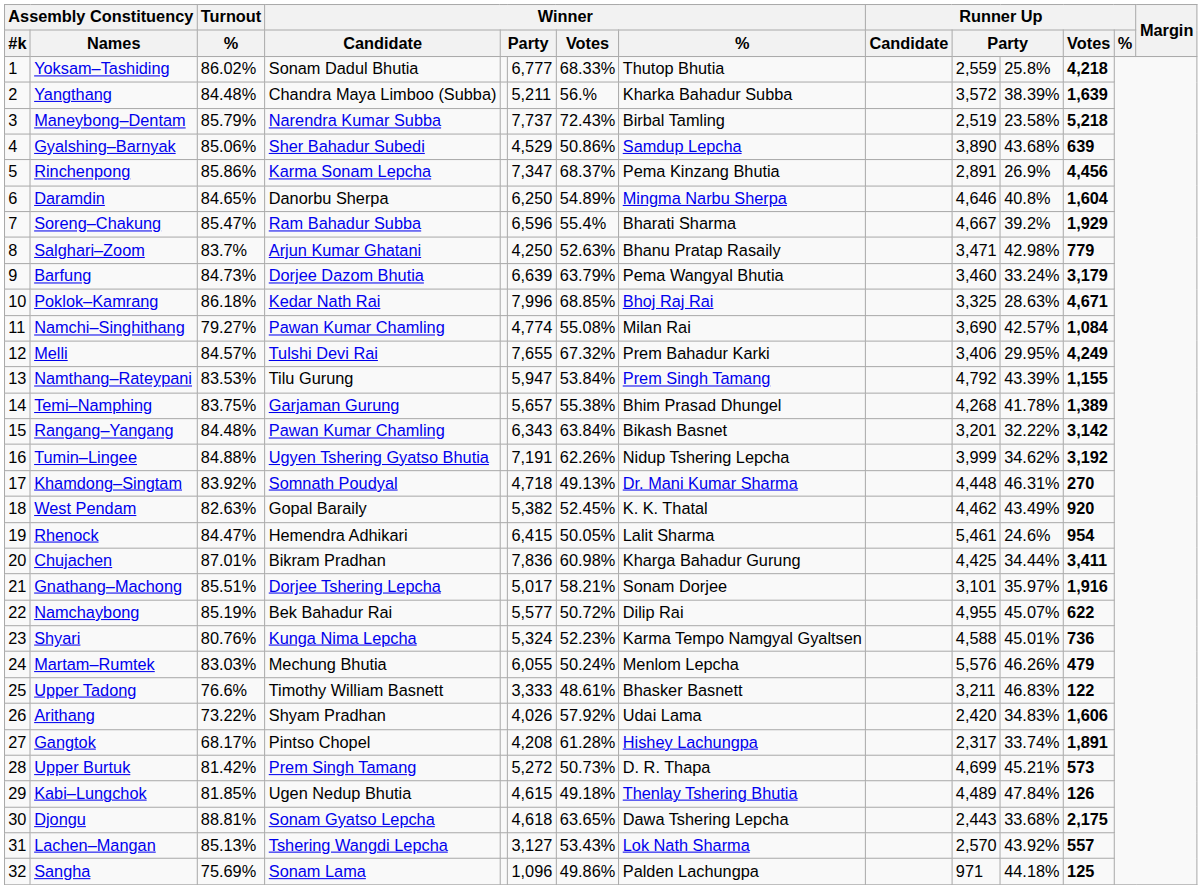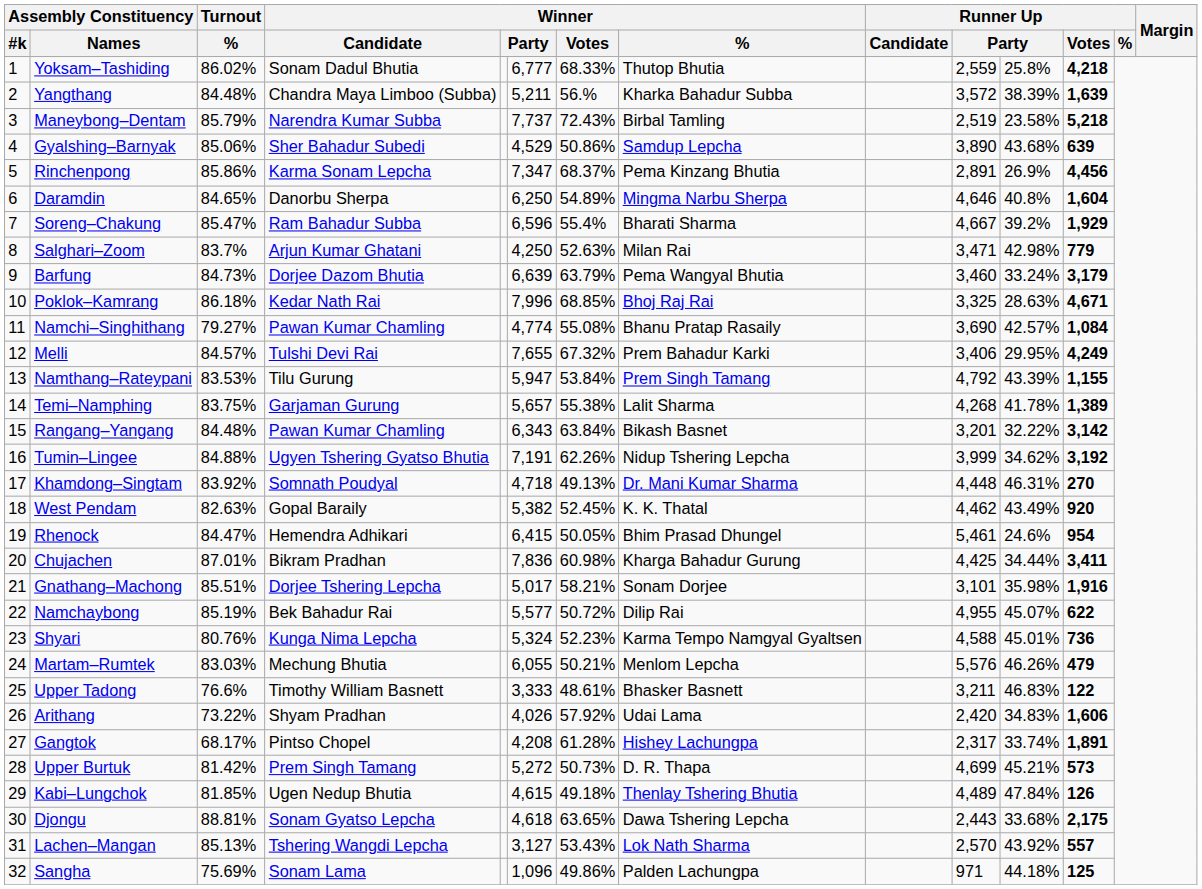 <table class="wikitable sortable">
 <tr>
 <th colspan="2">Assembly Constituency</th>
 <th>Turnout</th>
 <th colspan="5">Winner</th>
 <th colspan="5">Runner Up</th>
 <th rowspan="2" data-sort-type=number>Margin</th>
 </tr>
 <tr>
 <th>#k</th>
 <th>Names</th>
 <th>%</th>
 <th>Candidate</th>
 <th colspan="2">Party</th>
 <th data-sort-type=number>Votes</th>
 <th>%</th>
 <th>Candidate</th>
 <th colspan="2">Party</th>
 <th data-sort-type=number>Votes</th>
 <th>%</th>
 </tr>
 <tr>
 <td>1</td>
 <td><a href='#'>Yoksam–Tashiding</a></td>
 <td>86.02%</td>
 <td>Sonam Dadul Bhutia</td>
 <td></td>
 <td>6,777</td>
 <td>68.33%</td>
 <td>Thutop Bhutia</td>
 <td></td>
 <td>2,559</td>
 <td>25.8%</td>
 <td style="background:"><span><strong>4,218</strong></span></td>
 </tr>
 <tr>
 <td>2</td>
 <td><a href='#'>Yangthang</a></td>
 <td>84.48%</td>
 <td>Chandra Maya Limboo (Subba)</td>
 <td></td>
 <td>5,211</td>
 <td>56.%</td>
 <td>Kharka Bahadur Subba</td>
 <td></td>
 <td>3,572</td>
 <td>38.39%</td>
 <td style="background:"><span><strong>1,639</strong></span></td>
 </tr>
 <tr>
 <td>3</td>
 <td><a href='#'>Maneybong–Dentam</a></td>
 <td>85.79%</td>
 <td><a href='#'>Narendra Kumar Subba</a></td>
 <td></td>
 <td>7,737</td>
 <td>72.43%</td>
 <td>Birbal Tamling</td>
 <td></td>
 <td>2,519</td>
 <td>23.58%</td>
 <td style="background:"><span><strong>5,218</strong></span></td>
 </tr>
 <tr>
 <td>4</td>
 <td><a href='#'>Gyalshing–Barnyak</a></td>
 <td>85.06%</td>
 <td><a href='#'>Sher Bahadur Subedi</a></td>
 <td></td>
 <td>4,529</td>
 <td>50.86%</td>
 <td><a href='#'>Samdup Lepcha</a></td>
 <td></td>
 <td>3,890</td>
 <td>43.68%</td>
 <td style="background:"><span><strong>639</strong></span></td>
 </tr>
 <tr>
 <td>5</td>
 <td><a href='#'>Rinchenpong</a></td>
 <td>85.86%</td>
 <td><a href='#'>Karma Sonam Lepcha</a></td>
 <td></td>
 <td>7,347</td>
 <td>68.37%</td>
 <td>Pema Kinzang Bhutia</td>
 <td></td>
 <td>2,891</td>
 <td>26.9%</td>
 <td style="background:"><span><strong>4,456</strong></span></td>
 </tr>
 <tr>
 <td>6</td>
 <td><a href='#'>Daramdin</a></td>
 <td>84.65%</td>
 <td>Danorbu Sherpa</td>
 <td></td>
 <td>6,250</td>
 <td>54.89%</td>
 <td><a href='#'>Mingma Narbu Sherpa</a></td>
 <td></td>
 <td>4,646</td>
 <td>40.8%</td>
 <td style="background:"><span><strong>1,604</strong></span></td>
 </tr>
 <tr>
 <td>7</td>
 <td><a href='#'>Soreng–Chakung</a></td>
 <td>85.47%</td>
 <td><a href='#'>Ram Bahadur Subba</a></td>
 <td></td>
 <td>6,596</td>
 <td>55.4%</td>
 <td>Bharati Sharma</td>
 <td></td>
 <td>4,667</td>
 <td>39.2%</td>
 <td style="background:"><span><strong>1,929</strong></span></td>
 </tr>
 <tr>
 <td>8</td>
 <td><a href='#'>Salghari–Zoom</a></td>
 <td>83.7%</td>
 <td><a href='#'>Arjun Kumar Ghatani</a></td>
 <td></td>
 <td>4,250</td>
 <td>52.63%</td>
-<td>Bhanu Pratap Rasaily</td>
+<td>Milan Rai</td>
 <td></td>
 <td>3,471</td>
 <td>42.98%</td>
 <td style="background:"><span><strong>779</strong></span></td>
 </tr>
 <tr>
 <td>9</td>
 <td><a href='#'>Barfung</a></td>
 <td>84.73%</td>
 <td><a href='#'>Dorjee Dazom Bhutia</a></td>
 <td></td>
 <td>6,639</td>
 <td>63.79%</td>
 <td>Pema Wangyal Bhutia</td>
 <td></td>
 <td>3,460</td>
 <td>33.24%</td>
 <td style="background:"><span><strong>3,179</strong></span></td>
 </tr>
 <tr>
 <td>10</td>
 <td><a href='#'>Poklok–Kamrang</a></td>
 <td>86.18%</td>
 <td><a href='#'>Kedar Nath Rai</a></td>
 <td></td>
 <td>7,996</td>
 <td>68.85%</td>
 <td><a href='#'>Bhoj Raj Rai</a></td>
 <td></td>
 <td>3,325</td>
 <td>28.63%</td>
 <td style="background:"><span><strong>4,671</strong></span></td>
 </tr>
 <tr>
 <td>11</td>
 <td><a href='#'>Namchi–Singhithang</a></td>
 <td>79.27%</td>
 <td><a href='#'>Pawan Kumar Chamling</a></td>
 <td></td>
 <td>4,774</td>
 <td>55.08%</td>
-<td>Milan Rai</td>
+<td>Bhanu Pratap Rasaily</td>
 <td></td>
 <td>3,690</td>
 <td>42.57%</td>
 <td style="background:"><span><strong>1,084</strong></span></td>
 </tr>
 <tr>
 <td>12</td>
 <td><a href='#'>Melli</a></td>
 <td>84.57%</td>
 <td><a href='#'>Tulshi Devi Rai</a></td>
 <td></td>
 <td>7,655</td>
 <td>67.32%</td>
 <td>Prem Bahadur Karki</td>
 <td></td>
 <td>3,406</td>
 <td>29.95%</td>
 <td style="background:"><span><strong>4,249</strong></span></td>
 </tr>
 <tr>
 <td>13</td>
 <td><a href='#'>Namthang–Rateypani</a></td>
 <td>83.53%</td>
 <td>Tilu Gurung</td>
 <td></td>
 <td>5,947</td>
 <td>53.84%</td>
 <td><a href='#'>Prem Singh Tamang</a></td>
 <td></td>
 <td>4,792</td>
 <td>43.39%</td>
 <td style="background:"><span><strong>1,155</strong></span></td>
 </tr>
 <tr>
 <td>14</td>
 <td><a href='#'>Temi–Namphing</a></td>
 <td>83.75%</td>
 <td><a href='#'>Garjaman Gurung</a></td>
 <td></td>
 <td>5,657</td>
 <td>55.38%</td>
-<td>Bhim Prasad Dhungel</td>
+<td>Lalit Sharma</td>
 <td></td>
 <td>4,268</td>
 <td>41.78%</td>
 <td style="background:"><span><strong>1,389</strong></span></td>
 </tr>
 <tr>
 <td>15</td>
 <td><a href='#'>Rangang–Yangang</a></td>
 <td>84.48%</td>
 <td><a href='#'>Pawan Kumar Chamling</a></td>
 <td></td>
 <td>6,343</td>
 <td>63.84%</td>
 <td>Bikash Basnet</td>
 <td></td>
 <td>3,201</td>
 <td>32.22%</td>
 <td style="background:"><span><strong>3,142</strong></span></td>
 </tr>
 <tr>
 <td>16</td>
 <td><a href='#'>Tumin–Lingee</a></td>
 <td>84.88%</td>
 <td><a href='#'>Ugyen Tshering Gyatso Bhutia</a></td>
 <td></td>
 <td>7,191</td>
 <td>62.26%</td>
 <td>Nidup Tshering Lepcha</td>
 <td></td>
 <td>3,999</td>
 <td>34.62%</td>
 <td style="background:"><span><strong>3,192</strong></span></td>
 </tr>
 <tr>
 <td>17</td>
 <td><a href='#'>Khamdong–Singtam</a></td>
 <td>83.92%</td>
 <td><a href='#'>Somnath Poudyal</a></td>
 <td></td>
 <td>4,718</td>
 <td>49.13%</td>
 <td><a href='#'>Dr. Mani Kumar Sharma</a></td>
 <td></td>
 <td>4,448</td>
 <td>46.31%</td>
 <td style="background:"><span><strong>270</strong></span></td>
 </tr>
 <tr>
 <td>18</td>
 <td><a href='#'>West Pendam</a></td>
 <td>82.63%</td>
 <td>Gopal Baraily</td>
 <td></td>
 <td>5,382</td>
 <td>52.45%</td>
 <td>K. K. Thatal</td>
 <td></td>
 <td>4,462</td>
 <td>43.49%</td>
 <td style="background:"><span><strong>920</strong></span></td>
 </tr>
 <tr>
 <td>19</td>
 <td><a href='#'>Rhenock</a></td>
 <td>84.47%</td>
 <td>Hemendra Adhikari</td>
 <td></td>
 <td>6,415</td>
 <td>50.05%</td>
-<td>Lalit Sharma</td>
+<td>Bhim Prasad Dhungel</td>
 <td></td>
 <td>5,461</td>
 <td>24.6%</td>
 <td style="background:"><span><strong>954</strong></span></td>
 </tr>
 <tr>
 <td>20</td>
 <td><a href='#'>Chujachen</a></td>
 <td>87.01%</td>
 <td>Bikram Pradhan</td>
 <td></td>
 <td>7,836</td>
 <td>60.98%</td>
 <td>Kharga Bahadur Gurung</td>
 <td></td>
 <td>4,425</td>
 <td>34.44%</td>
 <td style="background:"><span><strong>3,411</strong></span></td>
 </tr>
 <tr>
 <td>21</td>
 <td><a href='#'>Gnathang–Machong</a></td>
 <td>85.51%</td>
 <td><a href='#'>Dorjee Tshering Lepcha</a></td>
 <td></td>
 <td>5,017</td>
 <td>58.21%</td>
 <td>Sonam Dorjee</td>
 <td></td>
 <td>3,101</td>
-<td>35.97%</td>
+<td>35.98%</td>
 <td style="background:"><span><strong>1,916</strong></span></td>
 </tr>
 <tr>
 <td>22</td>
 <td><a href='#'>Namchaybong</a></td>
 <td>85.19%</td>
 <td>Bek Bahadur Rai</td>
 <td></td>
 <td>5,577</td>
 <td>50.72%</td>
 <td>Dilip Rai</td>
 <td></td>
 <td>4,955</td>
 <td>45.07%</td>
 <td style="background:"><span><strong>622</strong></span></td>
 </tr>
 <tr>
 <td>23</td>
 <td><a href='#'>Shyari</a></td>
 <td>80.76%</td>
 <td><a href='#'>Kunga Nima Lepcha</a></td>
 <td></td>
 <td>5,324</td>
 <td>52.23%</td>
 <td>Karma Tempo Namgyal Gyaltsen</td>
 <td></td>
 <td>4,588</td>
 <td>45.01%</td>
 <td style="background:"><span><strong>736</strong></span></td>
 </tr>
 <tr>
 <td>24</td>
 <td><a href='#'>Martam–Rumtek</a></td>
 <td>83.03%</td>
 <td>Mechung Bhutia</td>
 <td></td>
 <td>6,055</td>
-<td>50.24%</td>
+<td>50.21%</td>
 <td>Menlom Lepcha</td>
 <td></td>
 <td>5,576</td>
 <td>46.26%</td>
 <td style="background:"><span><strong>479</strong></span></td>
 </tr>
 <tr>
 <td>25</td>
 <td><a href='#'>Upper Tadong</a></td>
 <td>76.6%</td>
 <td>Timothy William Basnett</td>
 <td></td>
 <td>3,333</td>
 <td>48.61%</td>
 <td>Bhasker Basnett</td>
 <td></td>
 <td>3,211</td>
 <td>46.83%</td>
 <td style="background:"><span><strong>122</strong></span></td>
 </tr>
 <tr>
 <td>26</td>
 <td><a href='#'>Arithang</a></td>
 <td>73.22%</td>
 <td>Shyam Pradhan</td>
 <td></td>
 <td>4,026</td>
 <td>57.92%</td>
 <td>Udai Lama</td>
 <td></td>
 <td>2,420</td>
 <td>34.83%</td>
 <td style="background:"><span><strong>1,606</strong></span></td>
 </tr>
 <tr>
 <td>27</td>
 <td><a href='#'>Gangtok</a></td>
 <td>68.17%</td>
 <td>Pintso Chopel</td>
 <td></td>
 <td>4,208</td>
 <td>61.28%</td>
 <td><a href='#'>Hishey Lachungpa</a></td>
 <td></td>
 <td>2,317</td>
 <td>33.74%</td>
 <td style="background:"><span><strong>1,891</strong></span></td>
 </tr>
 <tr>
 <td>28</td>
 <td><a href='#'>Upper Burtuk</a></td>
 <td>81.42%</td>
 <td><a href='#'>Prem Singh Tamang</a></td>
 <td></td>
 <td>5,272</td>
 <td>50.73%</td>
 <td>D. R. Thapa</td>
 <td></td>
 <td>4,699</td>
 <td>45.21%</td>
 <td style="background:"><span><strong>573</strong></span></td>
 </tr>
 <tr>
 <td>29</td>
 <td><a href='#'>Kabi–Lungchok</a></td>
 <td>81.85%</td>
 <td>Ugen Nedup Bhutia</td>
 <td></td>
 <td>4,615</td>
 <td>49.18%</td>
 <td><a href='#'>Thenlay Tshering Bhutia</a></td>
 <td></td>
 <td>4,489</td>
 <td>47.84%</td>
 <td style="background:"><span><strong>126</strong></span></td>
 </tr>
 <tr>
 <td>30</td>
 <td><a href='#'>Djongu</a></td>
 <td>88.81%</td>
 <td><a href='#'>Sonam Gyatso Lepcha</a></td>
 <td></td>
 <td>4,618</td>
 <td>63.65%</td>
 <td>Dawa Tshering Lepcha</td>
 <td></td>
 <td>2,443</td>
 <td>33.68%</td>
 <td style="background:"><span><strong>2,175</strong></span></td>
 </tr>
 <tr>
 <td>31</td>
 <td><a href='#'>Lachen–Mangan</a></td>
 <td>85.13%</td>
 <td><a href='#'>Tshering Wangdi Lepcha</a></td>
 <td></td>
 <td>3,127</td>
 <td>53.43%</td>
 <td><a href='#'>Lok Nath Sharma</a></td>
 <td></td>
 <td>2,570</td>
 <td>43.92%</td>
 <td style="background:"><span><strong>557</strong></span></td>
 </tr>
 <tr>
 <td>32</td>
 <td><a href='#'>Sangha</a></td>
 <td>75.69%</td>
 <td><a href='#'>Sonam Lama</a></td>
 <td></td>
 <td>1,096</td>
 <td>49.86%</td>
 <td>Palden Lachungpa</td>
 <td></td>
 <td>971</td>
 <td>44.18%</td>
 <td style="background:"><span><strong>125</strong></span></td>
 </tr>
 </table>
